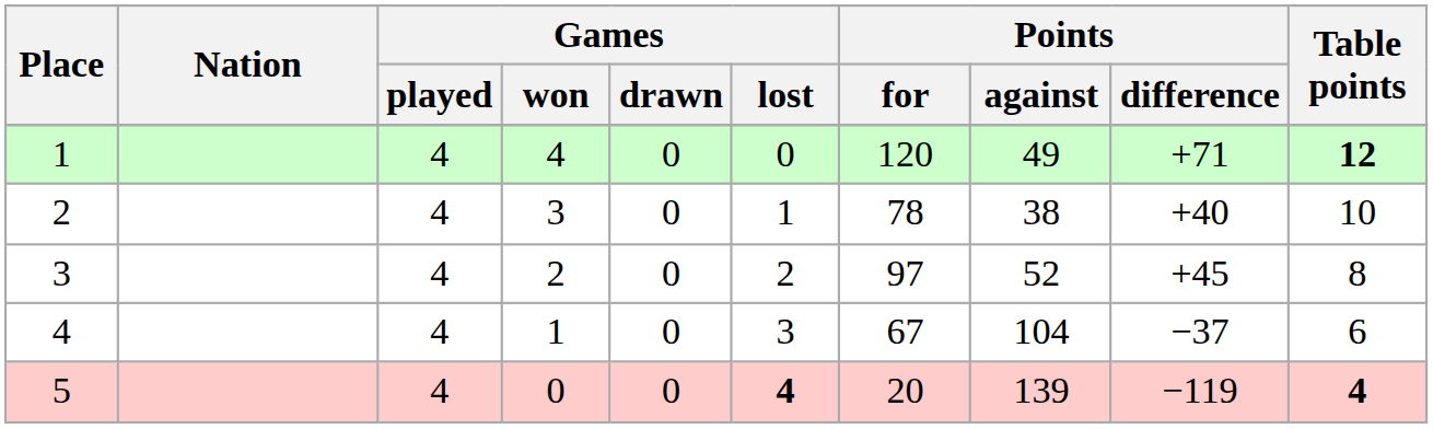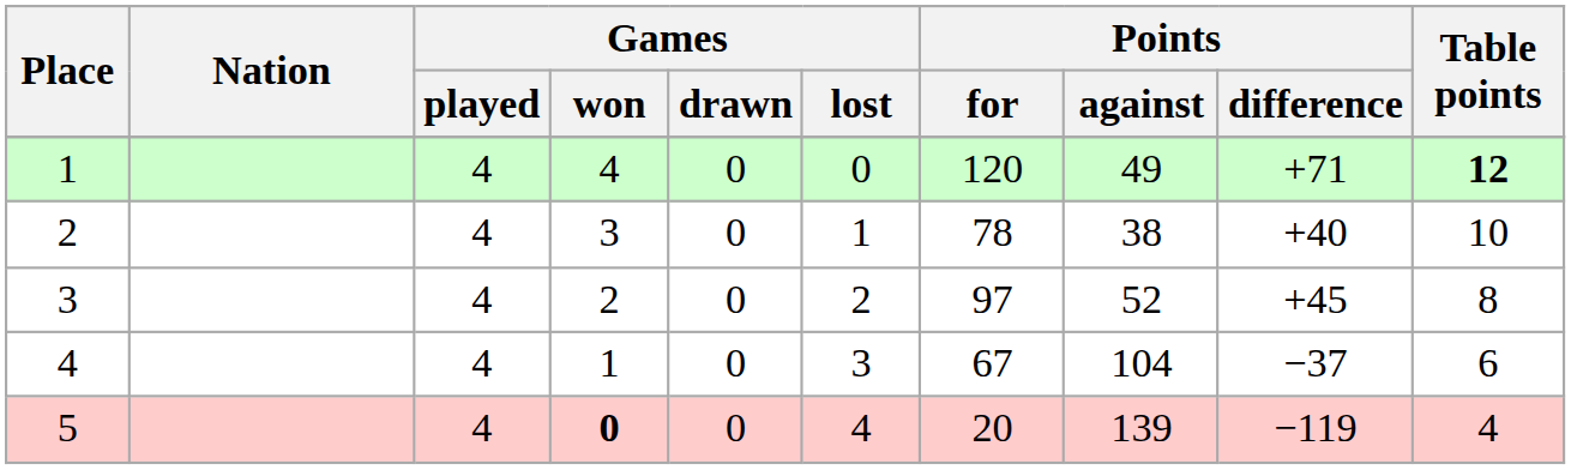 <table class="wikitable">
 <tr>
 <th rowspan=2 width="8%">Place</th>
 <th rowspan=2 width="20%">Nation</th>
 <th colspan=4 width="32%">Games</th>
 <th colspan=3 width="30%">Points</th>
 <th rowspan=2 width="10%">Table<br>points</th>
 </tr>
 <tr>
 <th width="8%">played</th>
 <th width="8%">won</th>
 <th width="8%">drawn</th>
 <th width="8%">lost</th>
 <th width="10%">for</th>
 <th width="10%">against</th>
 <th width="10%">difference</th>
 </tr>
 <tr>
 </tr>
 <tr bgcolor=#ccffcc align=center>
 <td>1</td>
 <td align=left><strong></strong></td>
 <td>4</td>
 <td>4</td>
 <td>0</td>
 <td>0</td>
 <td>120</td>
 <td>49</td>
 <td>+71</td>
 <td><strong>12</strong></td>
 </tr>
 <tr bgcolor=#ffffff align=center>
 <td>2</td>
 <td align=left></td>
 <td>4</td>
 <td>3</td>
 <td>0</td>
 <td>1</td>
 <td>78</td>
 <td>38</td>
 <td>+40</td>
 <td>10</td>
 </tr>
 <tr bgcolor=#ffffff align=center>
 <td>3</td>
 <td align=left></td>
 <td>4</td>
 <td>2</td>
 <td>0</td>
 <td>2</td>
 <td>97</td>
 <td>52</td>
 <td>+45</td>
 <td>8</td>
 </tr>
 <tr bgcolor=#ffffff align=center>
 <td>4</td>
 <td align=left></td>
 <td>4</td>
 <td>1</td>
 <td>0</td>
 <td>3</td>
 <td>67</td>
 <td>104</td>
 <td>−37</td>
 <td>6</td>
 </tr>
 <tr bgcolor=#ffcccc align=center>
 <td>5</td>
 <td align=left><em></em></td>
 <td>4</td>
+<td><strong>0</strong></td>
 <td>0</td>
-<td>0</td>
-<td><strong>4</strong></td>
+<td>4</td>
 <td>20</td>
 <td>139</td>
 <td>−119</td>
-<td><strong>4</strong></td>
+<td>4</td>
 </tr>
 </table>
